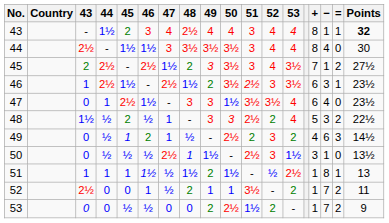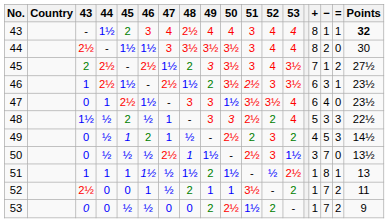 <table class="wikitable" style="text-align:center">
 <tr>
 <th>No.</th>
 <th>Country</th>
 <th>43</th>
 <th>44</th>
 <th>45</th>
 <th>46</th>
 <th>47</th>
 <th>48</th>
 <th>49</th>
 <th>50</th>
 <th>51</th>
 <th>52</th>
 <th>53</th>
 <th></th>
 <th>+</th>
 <th>−</th>
 <th>=</th>
 <th>Points</th>
 </tr>
 <tr>
 <td>43</td>
 <td style="text-align: left"></td>
 <td>-</td>
 <td style="color:blue;">1½</td>
 <td style="color:green;">2</td>
 <td style="color:red;">3</td>
 <td style="color:red;">4</td>
 <td style="color:red;">2½</td>
 <td style="color:red;">4</td>
 <td style="color:red;">4</td>
 <td style="color:red;">3</td>
 <td style="color:red;">4</td>
 <td style="color:red;"><em>4</em></td>
 <th></th>
 <td>8</td>
 <td>1</td>
 <td>1</td>
 <td><strong>32 </strong></td>
 </tr>
 <tr>
 <td>44</td>
 <td style="text-align: left"></td>
 <td style="color:red;">2½</td>
 <td>-</td>
 <td style="color:blue;">1½</td>
 <td style="color:blue;">1½</td>
 <td style="color:red;">3</td>
 <td style="color:red;">3½</td>
 <td style="color:red;">3½</td>
 <td style="color:red;">3½</td>
 <td style="color:red;">3</td>
 <td style="color:red;">4</td>
 <td style="color:red;">4</td>
 <th></th>
 <td>8</td>
-<td>4</td>
+<td>2</td>
 <td>0</td>
 <td>30</td>
 </tr>
 <tr>
 <td>45</td>
 <td style="text-align: left"></td>
 <td style="color:green;">2</td>
 <td style="color:red;">2½</td>
 <td>-</td>
 <td style="color:red;">2½</td>
 <td style="color:blue;">1½</td>
 <td style="color:green;">2</td>
 <td style="color:red;"><em>3</em></td>
 <td style="color:red;">3½</td>
 <td style="color:red;">3</td>
 <td style="color:red;">4</td>
 <td style="color:red;">3½</td>
 <th></th>
 <td>7</td>
 <td>1</td>
 <td>2</td>
 <td>27½</td>
 </tr>
 <tr>
 <td>46</td>
 <td style="text-align: left"></td>
 <td style="color:blue;">1</td>
 <td style="color:red;">2½</td>
 <td style="color:blue;">1½</td>
 <td>-</td>
 <td style="color:red;">2½</td>
 <td style="color:blue;">1½</td>
 <td style="color:green;">2</td>
 <td style="color:red;">3½</td>
 <td style="color:red;"><em>2½</em></td>
 <td style="color:red;">3</td>
 <td style="color:red;">3½</td>
 <th></th>
 <td>6</td>
 <td>3</td>
 <td>1</td>
 <td>23½</td>
 </tr>
 <tr>
 <td>47</td>
 <td style="text-align: left"></td>
 <td style="color:blue;">0</td>
 <td style="color:blue;">1</td>
 <td style="color:red;">2½</td>
 <td style="color:blue;">1½</td>
 <td>-</td>
 <td style="color:red;">3</td>
 <td style="color:red;">3</td>
 <td style="color:blue;">1½</td>
 <td style="color:red;">3½</td>
 <td style="color:red;">3½</td>
 <td style="color:red;">4</td>
 <th></th>
 <td>6</td>
 <td>4</td>
 <td>0</td>
 <td>23½</td>
 </tr>
 <tr>
 <td>48</td>
 <td style="text-align: left"></td>
 <td style="color:blue;">1½</td>
 <td style="color:blue;">½</td>
 <td style="color:green;">2</td>
 <td style="color:blue;">½</td>
 <td style="color:blue;">1</td>
 <td>-</td>
 <td style="color:red;">3</td>
 <td style="color:red;"><em>3</em></td>
 <td style="color:red;">2½</td>
 <td style="color:green;">2</td>
 <td style="color:red;">4</td>
 <th></th>
 <td>5</td>
 <td>3</td>
-<td>2</td>
+<td>3</td>
 <td>22½</td>
 </tr>
 <tr>
 <td>49</td>
 <td style="text-align: left"></td>
 <td style="color:blue;">0</td>
 <td style="color:blue;">½</td>
 <td style="color:blue;"><em>1</em></td>
 <td style="color:green;">2</td>
 <td style="color:blue;">1</td>
 <td style="color:blue;">½</td>
 <td>-</td>
 <td style="color:red;">2½</td>
 <td style="color:green;">2</td>
 <td style="color:red;">3</td>
 <td style="color:green;">2</td>
 <th></th>
 <td>4</td>
-<td>6</td>
+<td>5</td>
 <td>3</td>
 <td>14½</td>
 </tr>
 <tr>
 <td>50</td>
 <td style="text-align: left"></td>
 <td style="color:blue;">0</td>
 <td style="color:blue;">½</td>
 <td style="color:blue;">½</td>
 <td style="color:blue;">½</td>
 <td style="color:red;">2½</td>
 <td style="color:blue;"><em>1</em></td>
 <td style="color:blue;">1½</td>
 <td>-</td>
 <td style="color:red;">2½</td>
 <td style="color:red;">3</td>
 <td style="color:blue;">1½</td>
 <th></th>
 <td>3</td>
-<td>1</td>
+<td>7</td>
 <td>0</td>
 <td>13½</td>
 </tr>
 <tr>
 <td>51</td>
 <td style="text-align: left"></td>
 <td style="color:blue;">1</td>
 <td style="color:blue;">1</td>
 <td style="color:blue;">1</td>
 <td style="color:blue;"><em>1½</em></td>
 <td style="color:blue;">½</td>
 <td style="color:blue;">1½</td>
 <td style="color:green;">2</td>
 <td style="color:blue;">1½</td>
 <td>-</td>
 <td style="color:blue;">½</td>
 <td style="color:red;">2½</td>
 <th></th>
 <td>1</td>
 <td>8</td>
 <td>1</td>
 <td>13</td>
 </tr>
 <tr>
 <td>52</td>
 <td style="text-align: left"></td>
 <td style="color:red;">2½</td>
 <td style="color:blue;">0</td>
 <td style="color:blue;">0</td>
 <td style="color:blue;">1</td>
 <td style="color:blue;">½</td>
 <td style="color:green;">2</td>
 <td style="color:blue;">1</td>
 <td style="color:blue;">1</td>
 <td style="color:red;">3½</td>
 <td>-</td>
 <td style="color:green;">2</td>
 <th></th>
 <td>1</td>
 <td>7</td>
 <td>2</td>
 <td>11</td>
 </tr>
 <tr>
 <td>53</td>
 <td style="text-align: left"></td>
 <td style="color:blue;"><em>0</em></td>
 <td style="color:blue;">0</td>
 <td style="color:blue;">½</td>
 <td style="color:blue;">½</td>
 <td style="color:blue;">0</td>
 <td style="color:blue;">0</td>
 <td style="color:green;">2</td>
 <td style="color:red;">2½</td>
 <td style="color:blue;">1½</td>
 <td style="color:green;">2</td>
 <td>-</td>
 <th></th>
 <td>1</td>
 <td>7</td>
 <td>2</td>
 <td>9</td>
 </tr>
 </table>
